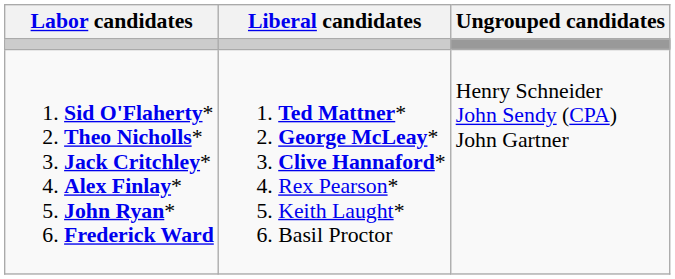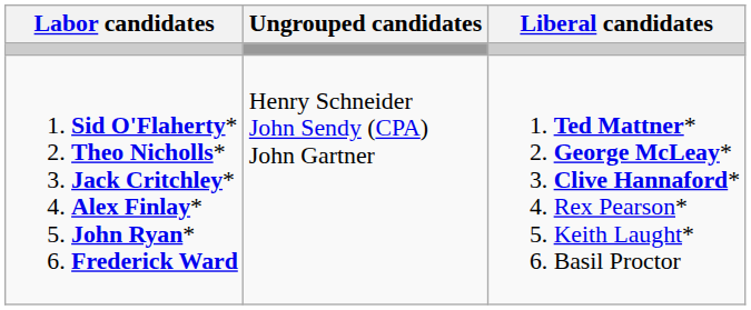 <table class="wikitable">
 <tr>
 <th><a href='#'>Labor</a> candidates</th>
+<th>Ungrouped candidates</th>
 <th><a href='#'>Liberal</a> candidates</th>
-<th>Ungrouped candidates</th>
 </tr>
 <tr bgcolor="#cccccc">
 <td></td>
+<td bgcolor="#999999"></td>
 <td></td>
-<td bgcolor="#999999"></td>
 </tr>
 <tr>
 <td><br><ol><li><strong><a href='#'>Sid O'Flaherty</a></strong>*</li><li><strong><a href='#'>Theo Nicholls</a></strong>*</li><li><strong><a href='#'>Jack Critchley</a></strong>*</li><li><strong><a href='#'>Alex Finlay</a></strong>*</li><li><strong><a href='#'>John Ryan</a></strong>*</li><li><strong><a href='#'>Frederick Ward</a></strong></li></ol></td>
+<td valign=top><br>Henry Schneider<br> <a href='#'>John Sendy</a> (<a href='#'>CPA</a>)<br> John Gartner</td>
 <td><br><ol><li><strong><a href='#'>Ted Mattner</a></strong>*</li><li><strong><a href='#'>George McLeay</a></strong>*</li><li><strong><a href='#'>Clive Hannaford</a></strong>*</li><li><a href='#'>Rex Pearson</a>*</li><li><a href='#'>Keith Laught</a>*</li><li>Basil Proctor</li></ol></td>
-<td valign=top><br>Henry Schneider<br> <a href='#'>John Sendy</a> (<a href='#'>CPA</a>)<br> John Gartner</td>
 </tr>
 </table>
